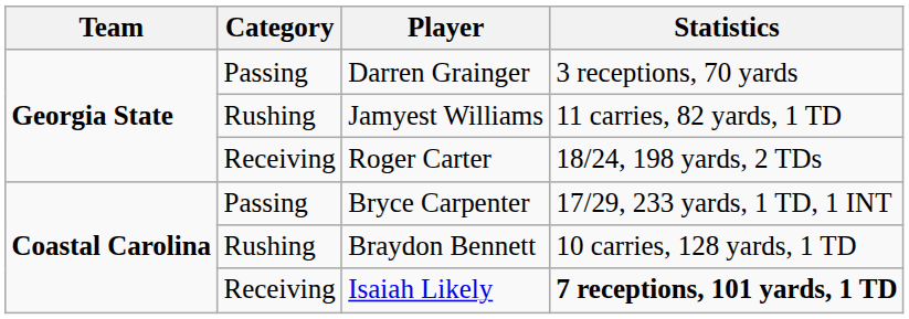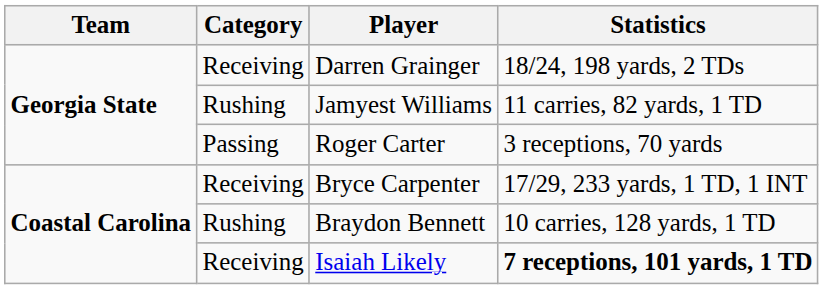 <table class="wikitable" style="float: left;">
 <tr>
 <th>Team</th>
 <th>Category</th>
 <th>Player</th>
 <th>Statistics</th>
 </tr>
 <tr>
 <td rowspan=3><strong>Georgia State</strong></td>
-<td>Passing</td>
+<td>Receiving</td>
 <td>Darren Grainger</td>
-<td>3 receptions, 70 yards</td>
+<td>18/24, 198 yards, 2 TDs</td>
 </tr>
 <tr>
 <td>Rushing</td>
 <td>Jamyest Williams</td>
 <td>11 carries, 82 yards, 1 TD</td>
 </tr>
 <tr>
-<td>Receiving</td>
+<td>Passing</td>
 <td>Roger Carter</td>
-<td>18/24, 198 yards, 2 TDs</td>
+<td>3 receptions, 70 yards</td>
 </tr>
 <tr>
 <td rowspan=3><strong>Coastal Carolina</strong></td>
-<td>Passing</td>
+<td>Receiving</td>
 <td>Bryce Carpenter</td>
 <td>17/29, 233 yards, 1 TD, 1 INT</td>
 </tr>
 <tr>
 <td>Rushing</td>
 <td>Braydon Bennett</td>
 <td>10 carries, 128 yards, 1 TD</td>
 </tr>
 <tr>
 <td>Receiving</td>
 <td><a href='#'>Isaiah Likely</a></td>
 <td><strong>7 receptions, 101 yards, 1 TD</strong></td>
 </tr>
 </table>
